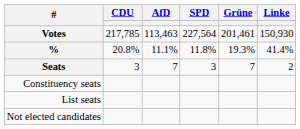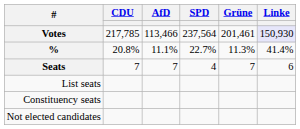 <table class="wikitable" style="text-align:right;vertical-align:top">
 <tr>
 <th rowspan="2">#</th>
 <th class="wikitable sortable"><a href='#'>CDU</a></th>
 <th class="wikitable sortable"><a href='#'>AfD</a></th>
 <th class="wikitable sortable"><a href='#'>SPD</a></th>
 <th class="wikitable sortable"><a href='#'>Grüne</a></th>
 <th class="wikitable sortable"><a href='#'>Linke</a></th>
 </tr>
 <tr>
 <th class="wikitable sortable" style="background:"></th>
 <th class="wikitable sortable" style="background:"></th>
 <th class="wikitable sortable" style="background:"></th>
 <th class="wikitable sortable" style="background:"></th>
 <th class="wikitable sortable" style="background:"></th>
 </tr>
 <tr>
 <th>Votes</th>
 <td>217,785</td>
-<td>113,463</td>
-<td>227,564</td>
+<td>113,466</td>
+<td>237,564</td>
 <td>201,461</td>
-<td>150,930</td>
+<td style="background: lavender;">150,930</td>
 </tr>
 <tr>
 <th>%</th>
 <td>20.8%</td>
 <td>11.1%</td>
-<td>11.8%</td>
-<td>19.3%</td>
+<td>22.7%</td>
+<td>11.3%</td>
 <td>41.4%</td>
 </tr>
 <tr>
 <th>Seats</th>
-<td>3</td>
 <td>7</td>
-<td>3</td>
 <td>7</td>
-<td>2</td>
+<td>4</td>
+<td>7</td>
+<td>6</td>
 </tr>
 <tr style="vertical-align:top">
-<td>Constituency seats</td>
+<td>List seats</td>
 <td></td>
 <td></td>
 <td></td>
 <td></td>
 <td></td>
 </tr>
 <tr style="vertical-align:top">
-<td>List seats</td>
+<td>Constituency seats</td>
 <td></td>
 <td></td>
 <td></td>
 <td></td>
 <td></td>
 </tr>
 <tr style="vertical-align:top">
 <td>Not elected candidates</td>
 <td><div><br> </div></td>
 <td><div><br> </div></td>
 <td><div><br>   </div></td>
 <td><div><br> </div></td>
 <td><div><br> </div></td>
 </tr>
 </table>
